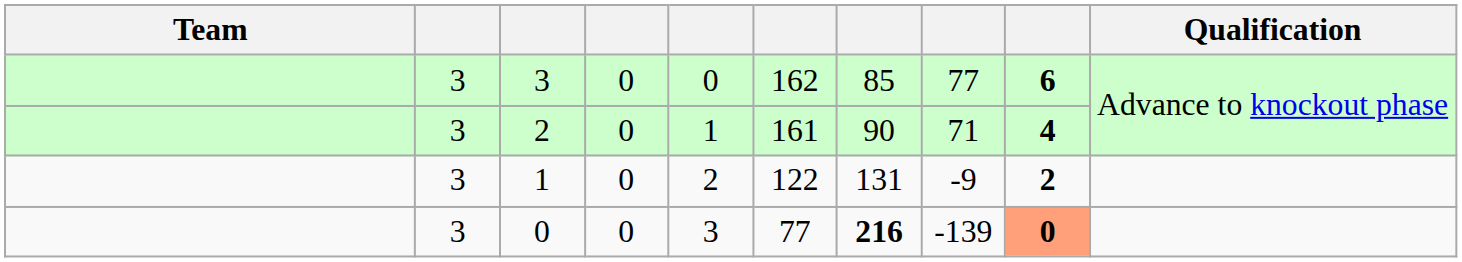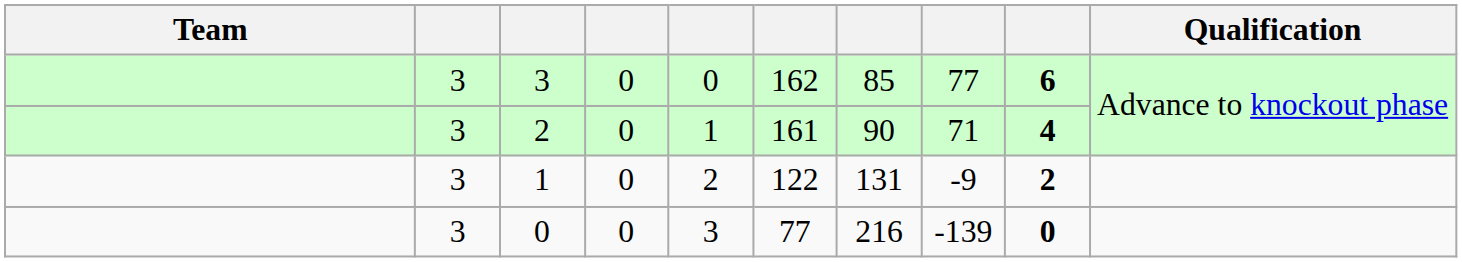 <table class=wikitable style="text-align: center;">
 <tr>
 <th style="width: 12.5em;" scope="col">Team</th>
 <th style="width: 2.2em;" scope="col"></th>
 <th style="width: 2.2em;" scope="col"></th>
 <th style="width: 2.2em;" scope="col"></th>
 <th style="width: 2.2em;" scope="col"></th>
 <th style="width: 2.2em;" scope="col"></th>
 <th style="width: 2.2em;" scope="col"></th>
 <th style="width: 2.2em;" scope="col"></th>
 <th style="width: 2.2em;" scope="col"></th>
 <th scope="col">Qualification</th>
 </tr>
 <tr style="background-color: #CCFFCC;">
 <td style="text-align: left;"></td>
 <td>3</td>
 <td>3</td>
 <td>0</td>
 <td>0</td>
 <td>162</td>
 <td>85</td>
 <td>77</td>
 <td><strong>6</strong></td>
 <td rowspan="2">Advance to <a href='#'>knockout phase</a></td>
 </tr>
 <tr style="background-color: #CCFFCC;">
 <td style="text-align: left;"></td>
 <td>3</td>
 <td>2</td>
 <td>0</td>
 <td>1</td>
 <td>161</td>
 <td>90</td>
 <td>71</td>
 <td><strong>4</strong></td>
 </tr>
 <tr>
 <td style="text-align: left;"></td>
 <td>3</td>
 <td>1</td>
 <td>0</td>
 <td>2</td>
 <td>122</td>
 <td>131</td>
 <td>-9</td>
 <td><strong>2</strong></td>
 <td></td>
 </tr>
 <tr>
 <td style="text-align: left;"></td>
 <td>3</td>
 <td>0</td>
 <td>0</td>
 <td>3</td>
 <td>77</td>
-<td><strong>216</strong></td>
+<td>216</td>
 <td>-139</td>
-<td style="background: lightsalmon;"><strong>0</strong></td>
+<td><strong>0</strong></td>
 <td></td>
 </tr>
 </table>
